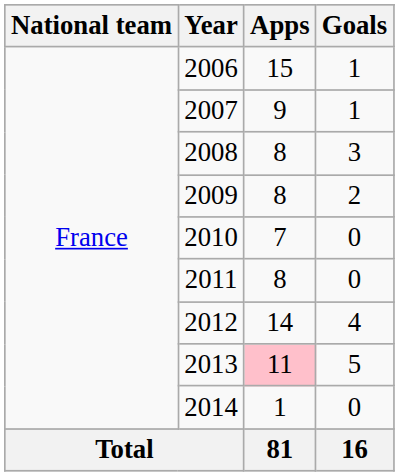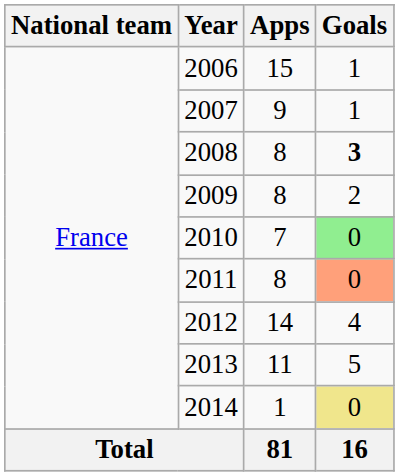 <table class="wikitable" style="text-align:center">
 <tr>
 <th>National team</th>
 <th>Year</th>
 <th>Apps</th>
 <th>Goals</th>
 </tr>
 <tr>
 <td rowspan="9"><a href='#'>France</a></td>
 <td>2006</td>
 <td>15</td>
 <td>1</td>
 </tr>
 <tr>
 <td>2007</td>
 <td>9</td>
 <td>1</td>
 </tr>
 <tr>
 <td>2008</td>
 <td>8</td>
-<td>3</td>
+<td><strong>3</strong></td>
 </tr>
 <tr>
 <td>2009</td>
 <td>8</td>
 <td>2</td>
 </tr>
 <tr>
 <td>2010</td>
 <td>7</td>
-<td>0</td>
+<td style="background: lightgreen;">0</td>
 </tr>
 <tr>
 <td>2011</td>
 <td>8</td>
-<td>0</td>
+<td style="background: lightsalmon;">0</td>
 </tr>
 <tr>
 <td>2012</td>
 <td>14</td>
 <td>4</td>
 </tr>
 <tr>
 <td>2013</td>
-<td style="background: pink;">11</td>
+<td>11</td>
 <td>5</td>
 </tr>
 <tr>
 <td>2014</td>
 <td>1</td>
-<td>0</td>
+<td style="background: khaki;">0</td>
 </tr>
 <tr>
 <th colspan=2>Total</th>
 <th>81</th>
 <th>16</th>
 </tr>
 </table>
